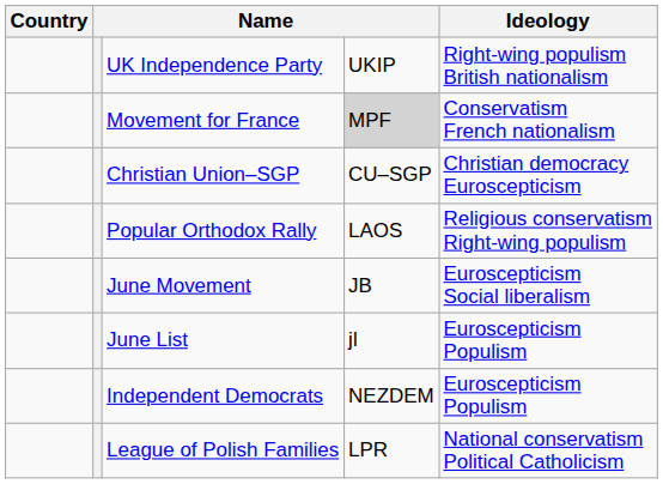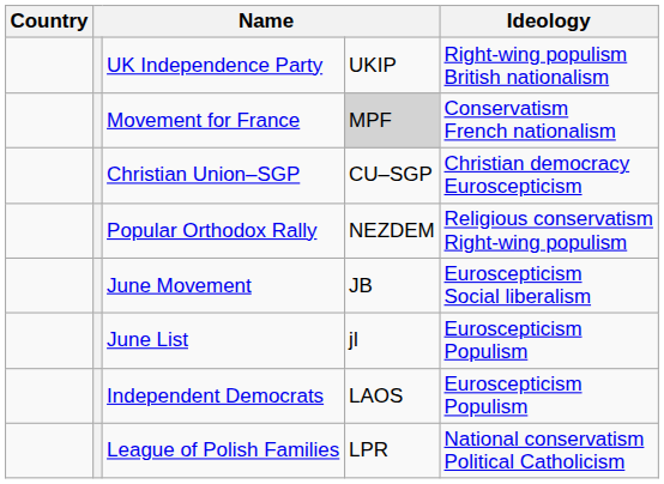 <table class="wikitable">
 <tr>
 <th>Country</th>
 <th colspan="3">Name</th>
 <th>Ideology</th>
 </tr>
 <tr>
 <td></td>
 <th style="background:"></th>
 <td><a href='#'>UK Independence Party</a></td>
 <td>UKIP</td>
 <td><a href='#'>Right-wing populism</a><br><a href='#'>British nationalism</a></td>
 </tr>
 <tr>
 <td></td>
 <th style="background:"></th>
 <td><a href='#'>Movement for France</a></td>
 <td style="background: lightgrey;">MPF</td>
 <td><a href='#'>Conservatism</a><br><a href='#'>French nationalism</a></td>
 </tr>
 <tr>
 <td></td>
 <th style="background:"></th>
 <td><a href='#'>Christian Union–SGP</a></td>
 <td>CU–SGP</td>
 <td><a href='#'>Christian democracy</a><br><a href='#'>Euroscepticism</a></td>
 </tr>
 <tr>
 <td></td>
 <th style="background:"></th>
 <td><a href='#'>Popular Orthodox Rally</a></td>
-<td>LAOS</td>
+<td>NEZDEM</td>
 <td><a href='#'>Religious conservatism</a><br><a href='#'>Right-wing populism</a></td>
 </tr>
 <tr>
 <td></td>
 <th style="background:"></th>
 <td><a href='#'>June Movement</a></td>
 <td>JB</td>
 <td><a href='#'>Euroscepticism</a><br><a href='#'>Social liberalism</a></td>
 </tr>
 <tr>
 <td></td>
 <th style="background:"></th>
 <td><a href='#'>June List</a></td>
 <td>jl</td>
 <td><a href='#'>Euroscepticism</a><br><a href='#'>Populism</a></td>
 </tr>
 <tr>
 <td></td>
 <th style="background:"></th>
 <td><a href='#'>Independent Democrats</a></td>
-<td>NEZDEM</td>
+<td>LAOS</td>
 <td><a href='#'>Euroscepticism</a><br><a href='#'>Populism</a></td>
 </tr>
 <tr>
 <td></td>
 <th style="background:"></th>
 <td><a href='#'>League of Polish Families</a></td>
 <td>LPR</td>
 <td><a href='#'>National conservatism</a><br><a href='#'>Political Catholicism</a></td>
 </tr>
 </table>
